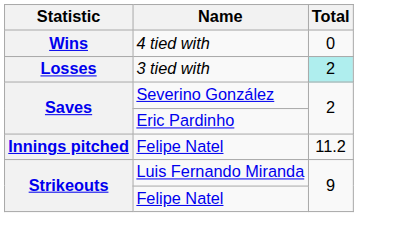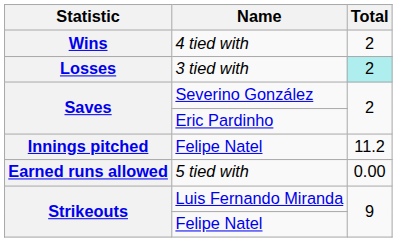 <table class="wikitable plainrowheaders">
 <tr>
 <th scope="col">Statistic</th>
 <th scope="col">Name</th>
 <th scope="col">Total</th>
 </tr>
 <tr>
 <th scope="row"><a href='#'>Wins</a></th>
 <td><em>4 tied with</em></td>
-<td align=center>0</td>
+<td align=center>2</td>
 </tr>
 <tr>
 <th scope="row"><a href='#'>Losses</a></th>
 <td><em>3 tied with</em></td>
 <td align=center style="background: paleturquoise;">2</td>
 </tr>
 <tr>
 <th scope="row" rowspan=2><a href='#'>Saves</a></th>
 <td> <a href='#'>Severino González</a></td>
 <td align=center rowspan=2>2</td>
 </tr>
 <tr>
 <td> <a href='#'>Eric Pardinho</a></td>
 </tr>
 <tr>
 <th scope="row"><a href='#'>Innings pitched</a></th>
 <td> <a href='#'>Felipe Natel</a></td>
 <td align=center>11.2</td>
 </tr>
 <tr>
+<th scope="row"><a href='#'>Earned runs allowed</a></th>
+<td><em>5 tied with</em></td>
+<td align=center>0.00</td>
+</tr>
+<tr>
 <th scope="row" rowspan=2><a href='#'>Strikeouts</a></th>
 <td> <a href='#'>Luis Fernando Miranda</a></td>
 <td align=center rowspan=2>9</td>
 </tr>
 <tr>
 <td> <a href='#'>Felipe Natel</a></td>
 </tr>
 </table>
